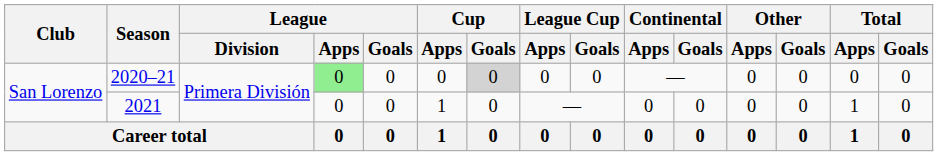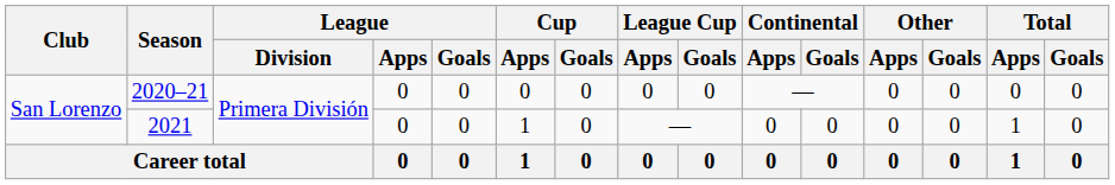 <table class="wikitable" style="text-align:center">
 <tr>
 <th rowspan="2">Club</th>
 <th rowspan="2">Season</th>
 <th colspan="3">League</th>
 <th colspan="2">Cup</th>
 <th colspan="2">League Cup</th>
 <th colspan="2">Continental</th>
 <th colspan="2">Other</th>
 <th colspan="2">Total</th>
 </tr>
 <tr>
 <th>Division</th>
 <th>Apps</th>
 <th>Goals</th>
 <th>Apps</th>
 <th>Goals</th>
 <th>Apps</th>
 <th>Goals</th>
 <th>Apps</th>
 <th>Goals</th>
 <th>Apps</th>
 <th>Goals</th>
 <th>Apps</th>
 <th>Goals</th>
 </tr>
 <tr>
 <td rowspan="2"><a href='#'>San Lorenzo</a></td>
 <td><a href='#'>2020–21</a></td>
 <td rowspan="2"><a href='#'>Primera División</a></td>
-<td style="background: lightgreen;">0</td>
 <td>0</td>
 <td>0</td>
-<td style="background: lightgrey;">0</td>
+<td>0</td>
+<td>0</td>
 <td>0</td>
 <td>0</td>
 <td colspan="2">—</td>
 <td>0</td>
 <td>0</td>
 <td>0</td>
 <td>0</td>
 </tr>
 <tr>
 <td><a href='#'>2021</a></td>
 <td>0</td>
 <td>0</td>
 <td>1</td>
 <td>0</td>
 <td colspan="2">—</td>
 <td>0</td>
 <td>0</td>
 <td>0</td>
 <td>0</td>
 <td>1</td>
 <td>0</td>
 </tr>
 <tr>
 <th colspan="3">Career total</th>
 <th>0</th>
 <th>0</th>
 <th>1</th>
 <th>0</th>
 <th>0</th>
 <th>0</th>
 <th>0</th>
 <th>0</th>
 <th>0</th>
 <th>0</th>
 <th>1</th>
 <th>0</th>
 </tr>
 </table>
